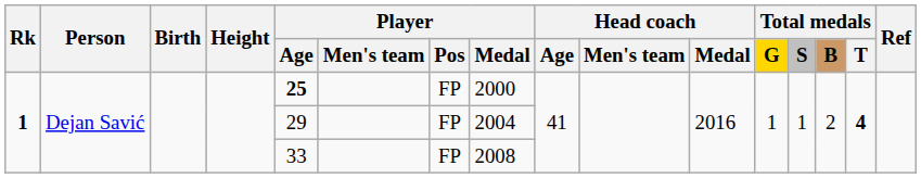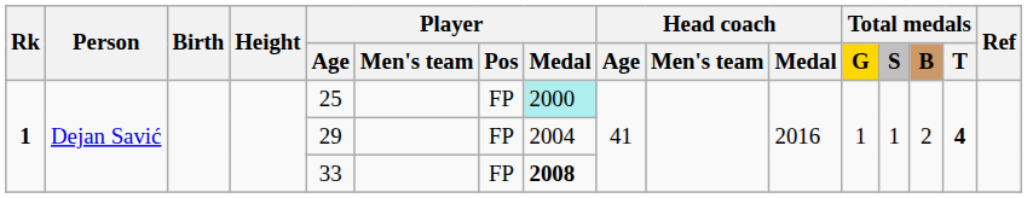 <table class="wikitable sortable" style="text-align: center; font-size: 80%; margin-left: 1em;">
 <tr>
 <th rowspan="2">Rk</th>
 <th rowspan="2">Person</th>
 <th rowspan="2">Birth</th>
 <th rowspan="2">Height</th>
 <th colspan="4">Player</th>
 <th colspan="3">Head coach</th>
 <th colspan="4">Total medals</th>
 <th rowspan="2" class="unsortable">Ref</th>
 </tr>
 <tr>
 <th>Age</th>
 <th>Men's team</th>
 <th>Pos</th>
 <th>Medal</th>
 <th>Age</th>
 <th>Men's team</th>
 <th>Medal</th>
 <th style="background-color: gold;">G</th>
 <th style="background-color: silver;">S</th>
 <th style="background-color: #cc9966;">B</th>
 <th>T</th>
 </tr>
 <tr>
 <td rowspan="3"><strong>1</strong></td>
 <td rowspan="3" style="text-align: left;" data-sort-value="Savić, Dejan"><a href='#'>Dejan Savić</a></td>
 <td rowspan="3"></td>
 <td rowspan="3"></td>
-<td><strong>25</strong></td>
+<td>25</td>
 <td style="text-align: left;" data-sort-value="Yugoslavia, FR"></td>
 <td>FP</td>
-<td style="text-align: left;">2000 </td>
+<td style="background: paleturquoise; text-align: left;">2000 </td>
 <td rowspan="3">41</td>
 <td rowspan="3" style="text-align: left;"></td>
 <td rowspan="3" style="text-align: left;">2016 </td>
 <td rowspan="3">1</td>
 <td rowspan="3">1</td>
 <td rowspan="3">2</td>
 <td rowspan="3"><strong>4</strong></td>
 <td rowspan="3"></td>
 </tr>
 <tr>
 <td>29</td>
 <td style="text-align: left;"></td>
 <td>FP</td>
 <td style="text-align: left;">2004 </td>
 </tr>
 <tr>
 <td>33</td>
 <td style="text-align: left;"></td>
 <td>FP</td>
-<td style="text-align: left;">2008 </td>
+<td style="text-align: left;"><strong>2008 </strong></td>
 </tr>
 </table>
